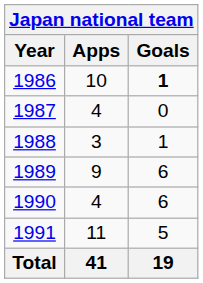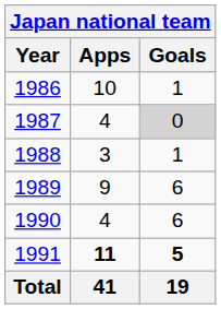 <table class="wikitable" style="text-align:center">
 <tr>
 <th colspan=3><a href='#'>Japan national team</a></th>
 </tr>
 <tr>
 <th>Year</th>
 <th>Apps</th>
 <th>Goals</th>
 </tr>
 <tr>
 <td><a href='#'>1986</a></td>
 <td>10</td>
-<td><strong>1</strong></td>
+<td>1</td>
 </tr>
 <tr>
 <td><a href='#'>1987</a></td>
 <td>4</td>
-<td>0</td>
+<td style="background: lightgrey;">0</td>
 </tr>
 <tr>
 <td><a href='#'>1988</a></td>
 <td>3</td>
 <td>1</td>
 </tr>
 <tr>
 <td><a href='#'>1989</a></td>
 <td>9</td>
 <td>6</td>
 </tr>
 <tr>
 <td><a href='#'>1990</a></td>
 <td>4</td>
 <td>6</td>
 </tr>
 <tr>
 <td><a href='#'>1991</a></td>
-<td>11</td>
-<td>5</td>
+<td><strong>11</strong></td>
+<td><strong>5</strong></td>
 </tr>
 <tr>
 <th>Total</th>
 <th>41</th>
 <th>19</th>
 </tr>
 </table>
